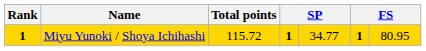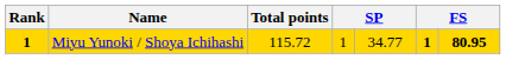 <table class="wikitable sortable">
 <tr>
 <th>Rank</th>
 <th>Name</th>
 <th>Total points</th>
 <th colspan="2" width="80px"><a href='#'>SP</a></th>
 <th colspan="2" width="80px"><a href='#'>FS</a></th>
 </tr>
 <tr bgcolor="gold">
 <td align="center"><strong>1</strong></td>
 <td><a href='#'>Miyu Yunoki</a> / <a href='#'>Shoya Ichihashi</a></td>
 <td align="center">115.72</td>
-<td align="center"><strong>1</strong></td>
+<td align="center">1</td>
 <td align="center">34.77</td>
 <td align="center"><strong>1</strong></td>
-<td align="center">80.95</td>
+<td align="center"><strong>80.95</strong></td>
 </tr>
 </table>
